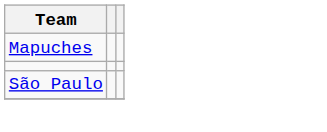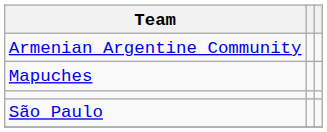 <table class="wikitable sortable plainrowheaders" style="font-size:100%; display:inline-table; margin-right:1em;">
 <tr>
 <th scope=col>Team</th>
 <th></th>
 <th></th>
+</tr>
+<tr>
+<td> <a href='#'>Armenian Argentine Community</a></td>
+<td></td>
+<td></td>
 </tr>
 <tr>
 <td> <a href='#'>Mapuches</a></td>
 <td></td>
 <td></td>
 </tr>
 <tr>
 <td></td>
 <td></td>
 <td></td>
 </tr>
 <tr>
 <td> <a href='#'>São Paulo</a></td>
 <td></td>
 <td></td>
 </tr>
 <tr>
 </tr>
 </table>
